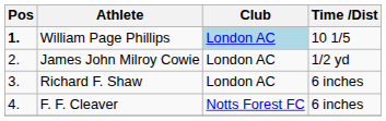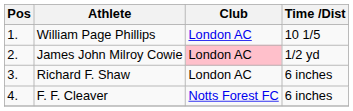 <table class="wikitable">
 <tr>
 <th>Pos</th>
 <th>Athlete</th>
 <th>Club</th>
 <th>Time /Dist</th>
 </tr>
 <tr>
-<td><strong>1.</strong></td>
+<td>1.</td>
 <td>William Page Phillips</td>
-<td style="background: lightblue;"><a href='#'>London AC</a></td>
+<td><a href='#'>London AC</a></td>
 <td>10 1/5</td>
 </tr>
 <tr>
 <td>2.</td>
 <td>James John Milroy Cowie</td>
-<td>London AC</td>
+<td style="background: pink;">London AC</td>
 <td>1/2 yd</td>
 </tr>
 <tr>
 <td>3.</td>
 <td>Richard F. Shaw</td>
 <td>London AC</td>
 <td>6 inches</td>
 </tr>
 <tr>
 <td>4.</td>
 <td>F. F. Cleaver</td>
 <td><a href='#'>Notts Forest FC</a></td>
 <td>6 inches</td>
 </tr>
 <tr>
 </tr>
 </table>
